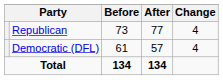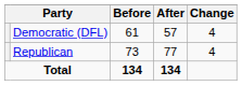 <table class="wikitable" style="text-align:center;">
 <tr>
 </tr>
 <tr>
 <th colspan=2>Party</th>
 <th>Before</th>
 <th>After</th>
 <th>Change</th>
 </tr>
 <tr>
 <th style="background-color:"></th>
-<td style="text-align:left;"><a href='#'>Republican</a></td>
-<td>73</td>
-<td>77</td>
+<td style="text-align:left;"><a href='#'>Democratic (DFL)</a></td>
+<td>61</td>
+<td>57</td>
 <td> 4</td>
 </tr>
 <tr>
 <th style="background-color:"></th>
-<td style="text-align:left;"><a href='#'>Democratic (DFL)</a></td>
-<td>61</td>
-<td>57</td>
+<td style="text-align:left;"><a href='#'>Republican</a></td>
+<td>73</td>
+<td>77</td>
 <td> 4</td>
 </tr>
 <tr>
 <td colspan=2><strong>Total</strong></td>
 <td><strong>134</strong></td>
 <td><strong>134</strong></td>
 <td></td>
 </tr>
 </table>
